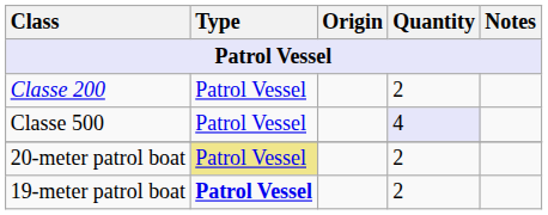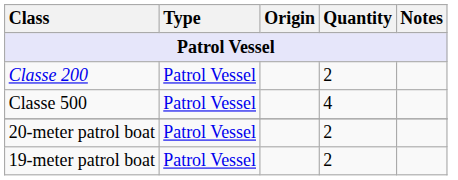 <table class="wikitable">
 <tr>
 <th style="text-align: left;">Class</th>
 <th style="text-align: left;">Type</th>
 <th style="text-align: left;">Origin</th>
 <th style="text-align: left;">Quantity</th>
 <th style="text-align: left;">Notes</th>
 </tr>
 <tr>
 <th colspan="7" style="background: lavender;">Patrol Vessel</th>
 </tr>
 <tr>
 <td><a href='#'><em>Classe 200</em></a></td>
 <td><a href='#'>Patrol Vessel</a></td>
 <td></td>
 <td>2</td>
 <td></td>
 </tr>
 <tr>
 <td>Classe 500</td>
 <td><a href='#'>Patrol Vessel</a></td>
 <td></td>
-<td style="background: lavender;">4</td>
+<td>4</td>
 <td></td>
 </tr>
 <tr>
 </tr>
 <tr>
 <td>20-meter patrol boat</td>
-<td style="background: khaki;"><a href='#'>Patrol Vessel</a></td>
+<td><a href='#'>Patrol Vessel</a></td>
 <td></td>
 <td>2</td>
 <td></td>
 </tr>
 <tr>
 <td>19-meter patrol boat</td>
-<td><strong><a href='#'>Patrol Vessel</a></strong></td>
+<td><a href='#'>Patrol Vessel</a></td>
 <td></td>
 <td>2</td>
 <td></td>
 </tr>
 </table>
